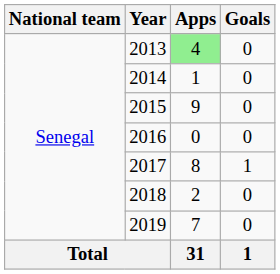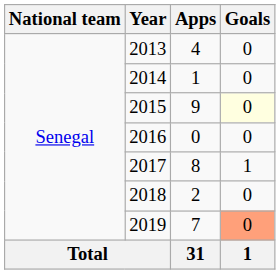 <table class="wikitable" style="text-align:center">
 <tr>
 <th>National team</th>
 <th>Year</th>
 <th>Apps</th>
 <th>Goals</th>
 </tr>
 <tr>
 <td rowspan="7"><a href='#'>Senegal</a></td>
 <td>2013</td>
-<td style="background: lightgreen;">4</td>
+<td>4</td>
 <td>0</td>
 </tr>
 <tr>
 <td>2014</td>
 <td>1</td>
 <td>0</td>
 </tr>
 <tr>
 <td>2015</td>
 <td>9</td>
-<td>0</td>
+<td style="background: lightyellow;">0</td>
 </tr>
 <tr>
 <td>2016</td>
 <td>0</td>
 <td>0</td>
 </tr>
 <tr>
 <td>2017</td>
 <td>8</td>
 <td>1</td>
 </tr>
 <tr>
 <td>2018</td>
 <td>2</td>
 <td>0</td>
 </tr>
 <tr>
 <td>2019</td>
 <td>7</td>
-<td>0</td>
+<td style="background: lightsalmon;">0</td>
 </tr>
 <tr>
 <th colspan="2">Total</th>
 <th>31</th>
 <th>1</th>
 </tr>
 </table>
